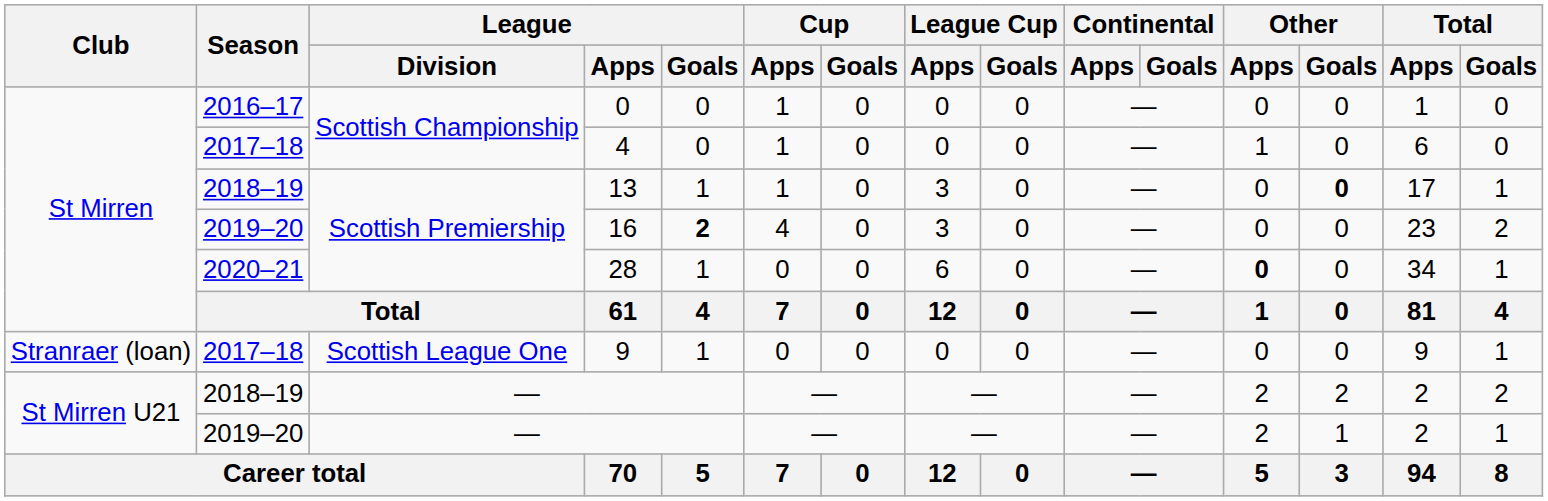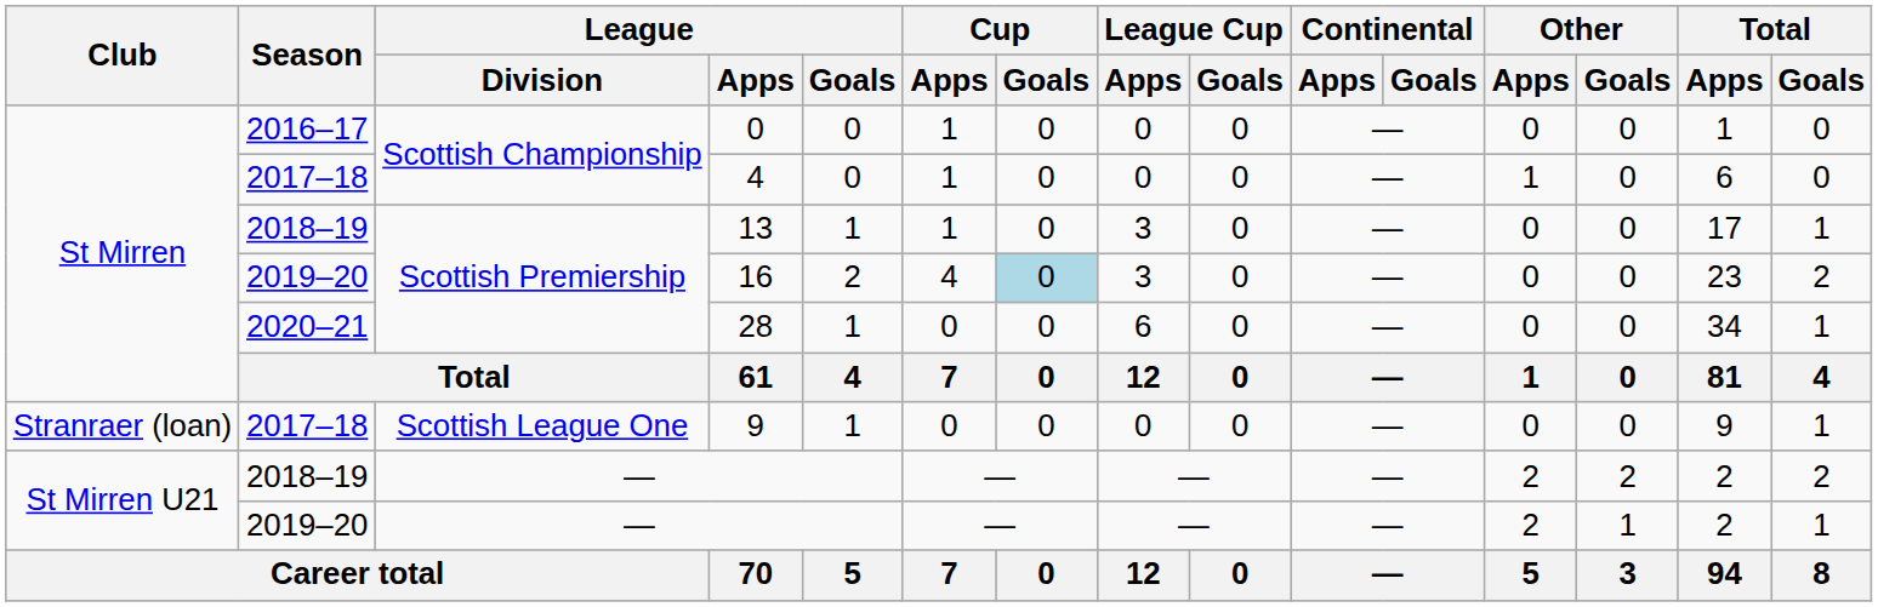 <table class="wikitable" style="text-align:center">
 <tr>
 <th rowspan="2">Club</th>
 <th rowspan="2">Season</th>
 <th colspan="3">League</th>
 <th colspan="2">Cup</th>
 <th colspan="2">League Cup</th>
 <th colspan="2">Continental</th>
 <th colspan="2">Other</th>
 <th colspan="2">Total</th>
 </tr>
 <tr>
 <th>Division</th>
 <th>Apps</th>
 <th>Goals</th>
 <th>Apps</th>
 <th>Goals</th>
 <th>Apps</th>
 <th>Goals</th>
 <th>Apps</th>
 <th>Goals</th>
 <th>Apps</th>
 <th>Goals</th>
 <th>Apps</th>
 <th>Goals</th>
 </tr>
 <tr>
 <td rowspan="6"><a href='#'>St Mirren</a></td>
 <td><a href='#'>2016–17</a></td>
 <td rowspan="2"><a href='#'>Scottish Championship</a></td>
 <td>0</td>
 <td>0</td>
 <td>1</td>
 <td>0</td>
 <td>0</td>
 <td>0</td>
 <td colspan="2">—</td>
 <td>0</td>
 <td>0</td>
 <td>1</td>
 <td>0</td>
 </tr>
 <tr>
 <td><a href='#'>2017–18</a></td>
 <td>4</td>
 <td>0</td>
 <td>1</td>
 <td>0</td>
 <td>0</td>
 <td>0</td>
 <td colspan="2">—</td>
 <td>1</td>
 <td>0</td>
 <td>6</td>
 <td>0</td>
 </tr>
 <tr>
 <td><a href='#'>2018–19</a></td>
 <td rowspan="3"><a href='#'>Scottish Premiership</a></td>
 <td>13</td>
 <td>1</td>
 <td>1</td>
 <td>0</td>
 <td>3</td>
 <td>0</td>
 <td colspan="2">—</td>
 <td>0</td>
-<td><strong>0</strong></td>
+<td>0</td>
 <td>17</td>
 <td>1</td>
 </tr>
 <tr>
 <td><a href='#'>2019–20</a></td>
 <td>16</td>
-<td><strong>2</strong></td>
+<td>2</td>
 <td>4</td>
-<td>0</td>
+<td style="background: lightblue;">0</td>
 <td>3</td>
 <td>0</td>
 <td colspan="2">—</td>
 <td>0</td>
 <td>0</td>
 <td>23</td>
 <td>2</td>
 </tr>
 <tr>
 <td><a href='#'>2020–21</a></td>
 <td>28</td>
 <td>1</td>
 <td>0</td>
 <td>0</td>
 <td>6</td>
 <td>0</td>
 <td colspan="2">—</td>
-<td><strong>0</strong></td>
+<td>0</td>
 <td>0</td>
 <td>34</td>
 <td>1</td>
 </tr>
 <tr>
 <th colspan="2">Total</th>
 <th>61</th>
 <th>4</th>
 <th>7</th>
 <th>0</th>
 <th>12</th>
 <th>0</th>
 <th colspan="2">—</th>
 <th>1</th>
 <th>0</th>
 <th>81</th>
 <th>4</th>
 </tr>
 <tr>
 <td rowspan="1"><a href='#'>Stranraer</a> (loan)</td>
 <td><a href='#'>2017–18</a></td>
 <td rowspan="1"><a href='#'>Scottish League One</a></td>
 <td>9</td>
 <td>1</td>
 <td>0</td>
 <td>0</td>
 <td>0</td>
 <td>0</td>
 <td colspan="2">—</td>
 <td>0</td>
 <td>0</td>
 <td>9</td>
 <td>1</td>
 </tr>
 <tr>
 <td rowspan="2"><a href='#'>St Mirren</a> U21</td>
 <td>2018–19</td>
 <td colspan=3>—</td>
 <td colspan=2>—</td>
 <td colspan=2>—</td>
 <td colspan=2>—</td>
 <td>2</td>
 <td>2</td>
 <td>2</td>
 <td>2</td>
 </tr>
 <tr>
 <td>2019–20</td>
 <td colspan=3>—</td>
 <td colspan=2>—</td>
 <td colspan=2>—</td>
 <td colspan=2>—</td>
 <td>2</td>
 <td>1</td>
 <td>2</td>
 <td>1</td>
 </tr>
 <tr>
 <th colspan="3">Career total</th>
 <th>70</th>
 <th>5</th>
 <th>7</th>
 <th>0</th>
 <th>12</th>
 <th>0</th>
 <th colspan="2">—</th>
 <th>5</th>
 <th>3</th>
 <th>94</th>
 <th>8</th>
 </tr>
 </table>
